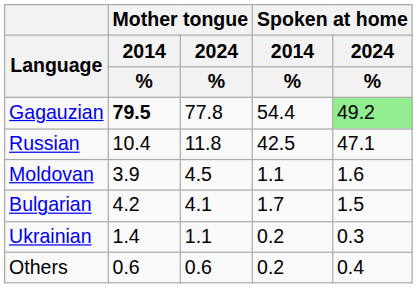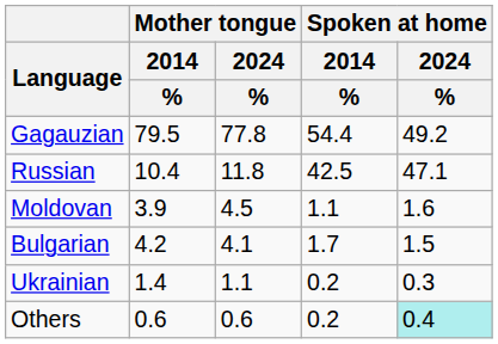 <table class="wikitable">
 <tr>
 <th></th>
 <th colspan="2">Mother tongue</th>
 <th colspan="2">Spoken at home</th>
 </tr>
 <tr>
 <th rowspan="2">Language</th>
 <th>2014</th>
 <th>2024</th>
 <th>2014</th>
 <th>2024</th>
 </tr>
 <tr>
 <th>%</th>
 <th>%</th>
 <th>%</th>
 <th>%</th>
 </tr>
 <tr>
 <td><a href='#'>Gagauzian</a></td>
-<td><strong>79.5</strong></td>
+<td>79.5</td>
 <td>77.8</td>
 <td>54.4</td>
-<td style="background: lightgreen;">49.2</td>
+<td>49.2</td>
 </tr>
 <tr>
 <td><a href='#'>Russian</a></td>
 <td>10.4</td>
 <td>11.8</td>
 <td>42.5</td>
 <td>47.1</td>
 </tr>
 <tr>
 <td><a href='#'>Moldovan</a></td>
 <td>3.9</td>
 <td>4.5</td>
 <td>1.1</td>
 <td>1.6</td>
 </tr>
 <tr>
 <td><a href='#'>Bulgarian</a></td>
 <td>4.2</td>
 <td>4.1</td>
 <td>1.7</td>
 <td>1.5</td>
 </tr>
 <tr>
 <td><a href='#'>Ukrainian</a></td>
 <td>1.4</td>
 <td>1.1</td>
 <td>0.2</td>
 <td>0.3</td>
 </tr>
 <tr>
 <td>Others</td>
 <td>0.6</td>
 <td>0.6</td>
 <td>0.2</td>
-<td>0.4</td>
+<td style="background: paleturquoise;">0.4</td>
 </tr>
 </table>
